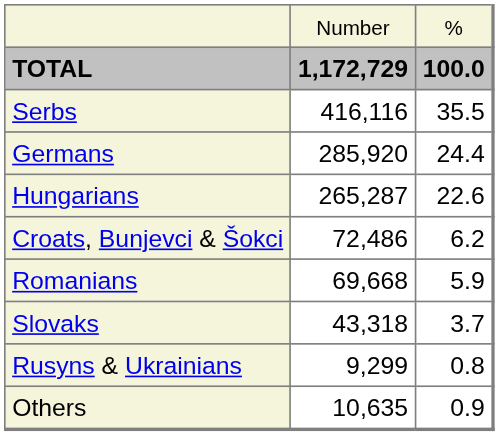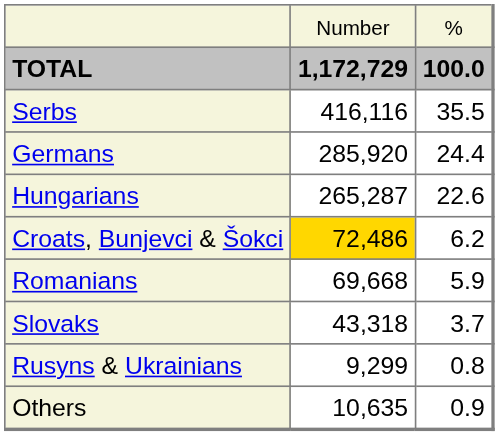 <table border=1 cellpadding=4 cellspacing=0 class="toccolours" style="align: left; margin: 0.5em 0 0 0; border-style: solid; border: 1px solid #7f7f7f; border-right-width: 2px; border-bottom-width: 2px; border-collapse: collapse; font-size: 95%;">
 <tr>
 <td style="background:#F5F5DC;"></td>
 <td style="background:#F5F5DC;" align="center"><small>Number</small></td>
 <td style="background:#F5F5DC;" align="center"><small>%</small></td>
 </tr>
 <tr>
 <td style="background:#c1c1c1;"><strong>TOTAL</strong></td>
 <td colspan=1 style="background:#c1c1c1;" align="center"><strong>1,172,729</strong></td>
 <td colspan=1 style="background:#c1c1c1;" align="center"><strong>100.0</strong></td>
 </tr>
 <tr>
 <td style="background:#F5F5DC;"><a href='#'>Serbs</a></td>
 <td align="right">416,116</td>
 <td align="right">35.5</td>
 </tr>
 <tr>
 <td style="background:#F5F5DC;"><a href='#'>Germans</a></td>
 <td align="right">285,920</td>
 <td align="right">24.4</td>
 </tr>
 <tr>
 <td style="background:#F5F5DC;"><a href='#'>Hungarians</a></td>
 <td align="right">265,287</td>
 <td align="right">22.6</td>
 </tr>
 <tr>
 <td style="background:#F5F5DC;"><a href='#'>Croats</a>, <a href='#'>Bunjevci</a> & <a href='#'>Šokci</a></td>
-<td align="right">72,486</td>
+<td align="right" style="background: gold;">72,486</td>
 <td align="right">6.2</td>
 </tr>
 <tr>
 <td style="background:#F5F5DC;"><a href='#'>Romanians</a></td>
 <td align="right">69,668</td>
 <td align="right">5.9</td>
 </tr>
 <tr>
 <td style="background:#F5F5DC;"><a href='#'>Slovaks</a></td>
 <td align="right">43,318</td>
 <td align="right">3.7</td>
 </tr>
 <tr>
 <td style="background:#F5F5DC;"><a href='#'>Rusyns</a> & <a href='#'>Ukrainians</a></td>
 <td align="right">9,299</td>
 <td align="right">0.8</td>
 </tr>
 <tr>
 <td style="background:#F5F5DC;">Others</td>
 <td align="right">10,635</td>
 <td align="right">0.9</td>
 </tr>
 <tr>
 </tr>
 </table>
